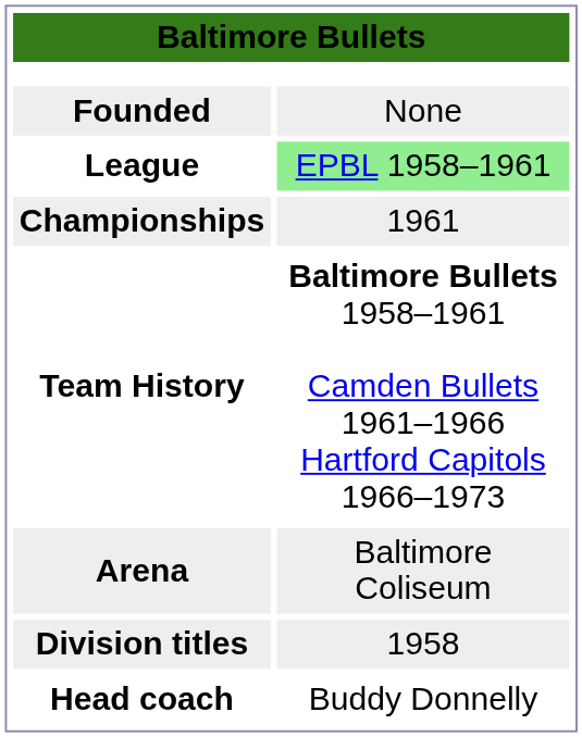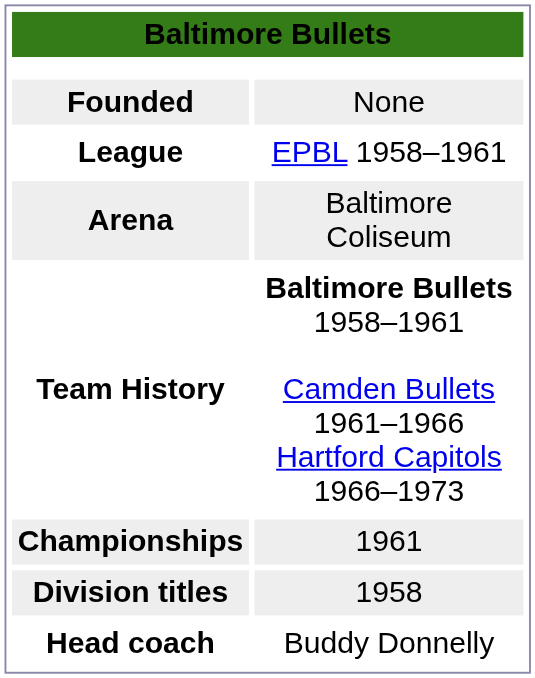 <table style="margin:5px; border:1px solid #8888AA;" align=right cellpadding=3 cellspacing=3 width=280>
 <tr align="center" bgcolor="#347C17">
 <td colspan=2><span><strong>Baltimore Bullets</strong></span></td>
 </tr>
 <tr align="center">
 <td colspan=2></td>
 </tr>
 <tr align="center" bgcolor="#eeeeee">
 <td><strong>Founded</strong></td>
 <td>None</td>
 </tr>
 <tr align="center">
 <td><strong>League</strong></td>
-<td style="background: lightgreen;"><a href='#'>EPBL</a> 1958–1961</td>
+<td><a href='#'>EPBL</a> 1958–1961</td>
 </tr>
 <tr align="center" bgcolor="#eeeeee">
-<td><strong>Championships</strong></td>
-<td>1961</td>
+<td><strong>Arena</strong></td>
+<td>Baltimore Coliseum</td>
 </tr>
 <tr align="center">
 <td><strong>Team History</strong></td>
 <td><strong>Baltimore Bullets</strong><br> 1958–1961<br><br><a href='#'>Camden Bullets</a> 1961–1966<br> <a href='#'>Hartford Capitols</a> 1966–1973</td>
 </tr>
 <tr align="center" bgcolor="#eeeeee">
-<td><strong>Arena</strong></td>
-<td>Baltimore Coliseum</td>
+<td><strong>Championships</strong></td>
+<td>1961</td>
 </tr>
 <tr align="center" bgcolor="#eeeeee">
 <td><strong>Division titles</strong></td>
 <td>1958</td>
 </tr>
 <tr align="center">
 <td><strong>Head coach</strong></td>
 <td>Buddy Donnelly</td>
 </tr>
 </table>
